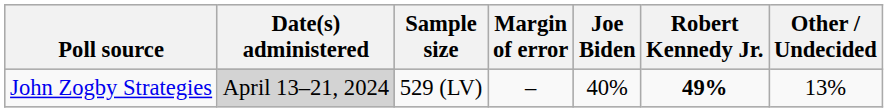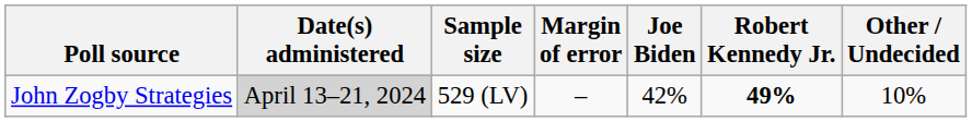 <table class="wikitable sortable mw-datatable" style="font-size:90%;text-align:center;line-height:17px">
 <tr valign=bottom>
 <th>Poll source</th>
 <th>Date(s)<br>administered</th>
 <th>Sample<br>size</th>
 <th>Margin<br>of error</th>
 <th class="unsortable">Joe<br>Biden<br></th>
 <th class="unsortable">Robert<br>Kennedy Jr.<br></th>
 <th class="unsortable">Other /<br>Undecided</th>
 </tr>
 <tr>
 <td style="text-align:left;"><a href='#'>John Zogby Strategies</a></td>
 <td data-sort-value="2024-05-01" style="background: lightgrey;">April 13–21, 2024</td>
 <td>529 (LV)</td>
 <td>–</td>
-<td>40%</td>
+<td>42%</td>
 <td style="background-color:"><strong>49%</strong></td>
-<td>13%</td>
+<td>10%</td>
 </tr>
 </table>
